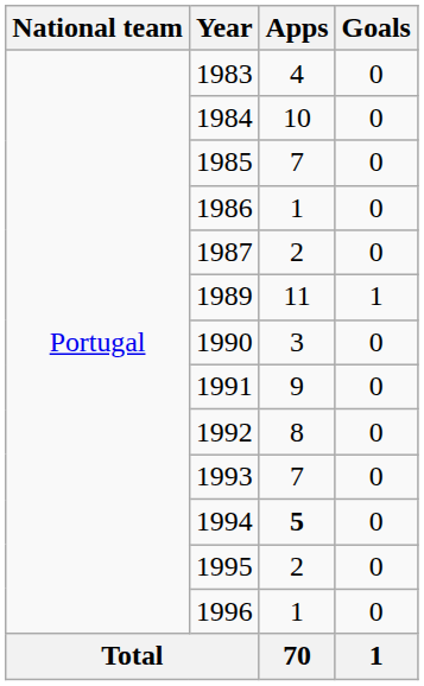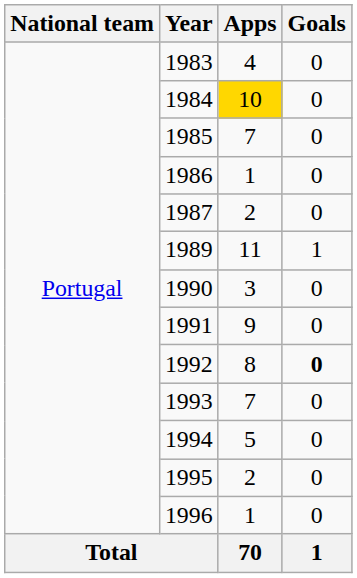 <table class="wikitable" style="text-align:center">
 <tr>
 <th>National team</th>
 <th>Year</th>
 <th>Apps</th>
 <th>Goals</th>
 </tr>
 <tr>
 <td rowspan="13"><a href='#'>Portugal</a></td>
 <td>1983</td>
 <td>4</td>
 <td>0</td>
 </tr>
 <tr>
 <td>1984</td>
-<td>10</td>
+<td style="background: gold;">10</td>
 <td>0</td>
 </tr>
 <tr>
 <td>1985</td>
 <td>7</td>
 <td>0</td>
 </tr>
 <tr>
 <td>1986</td>
 <td>1</td>
 <td>0</td>
 </tr>
 <tr>
 <td>1987</td>
 <td>2</td>
 <td>0</td>
 </tr>
 <tr>
 <td>1989</td>
 <td>11</td>
 <td>1</td>
 </tr>
 <tr>
 <td>1990</td>
 <td>3</td>
 <td>0</td>
 </tr>
 <tr>
 <td>1991</td>
 <td>9</td>
 <td>0</td>
 </tr>
 <tr>
 <td>1992</td>
 <td>8</td>
-<td>0</td>
+<td><strong>0</strong></td>
 </tr>
 <tr>
 <td>1993</td>
 <td>7</td>
 <td>0</td>
 </tr>
 <tr>
 <td>1994</td>
-<td><strong>5</strong></td>
+<td>5</td>
 <td>0</td>
 </tr>
 <tr>
 <td>1995</td>
 <td>2</td>
 <td>0</td>
 </tr>
 <tr>
 <td>1996</td>
 <td>1</td>
 <td>0</td>
 </tr>
 <tr>
 <th colspan="2">Total</th>
 <th>70</th>
 <th>1</th>
 </tr>
 </table>
